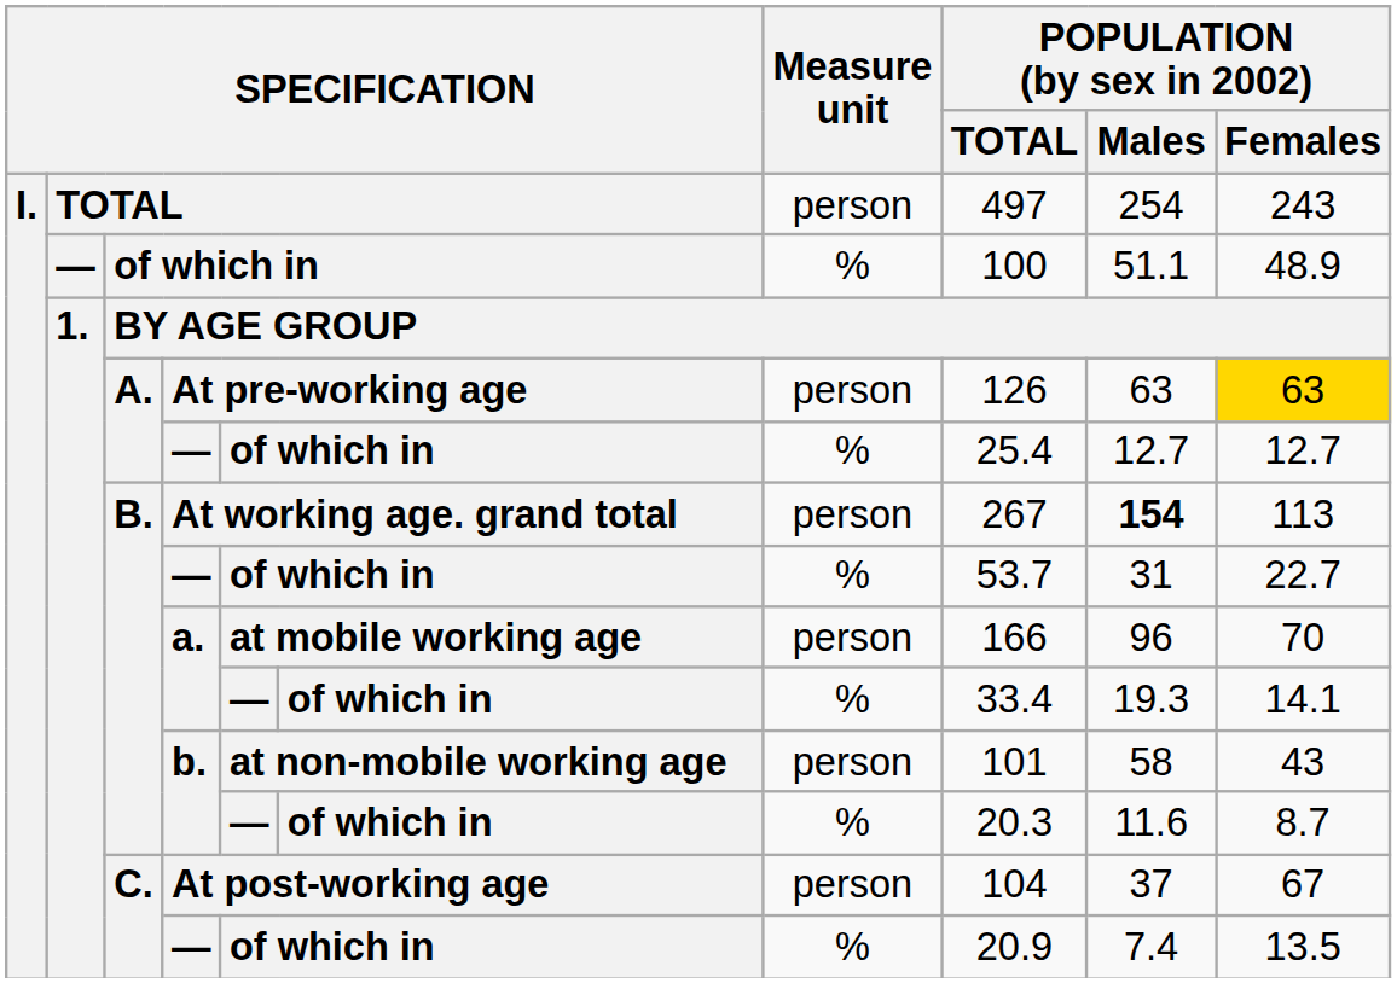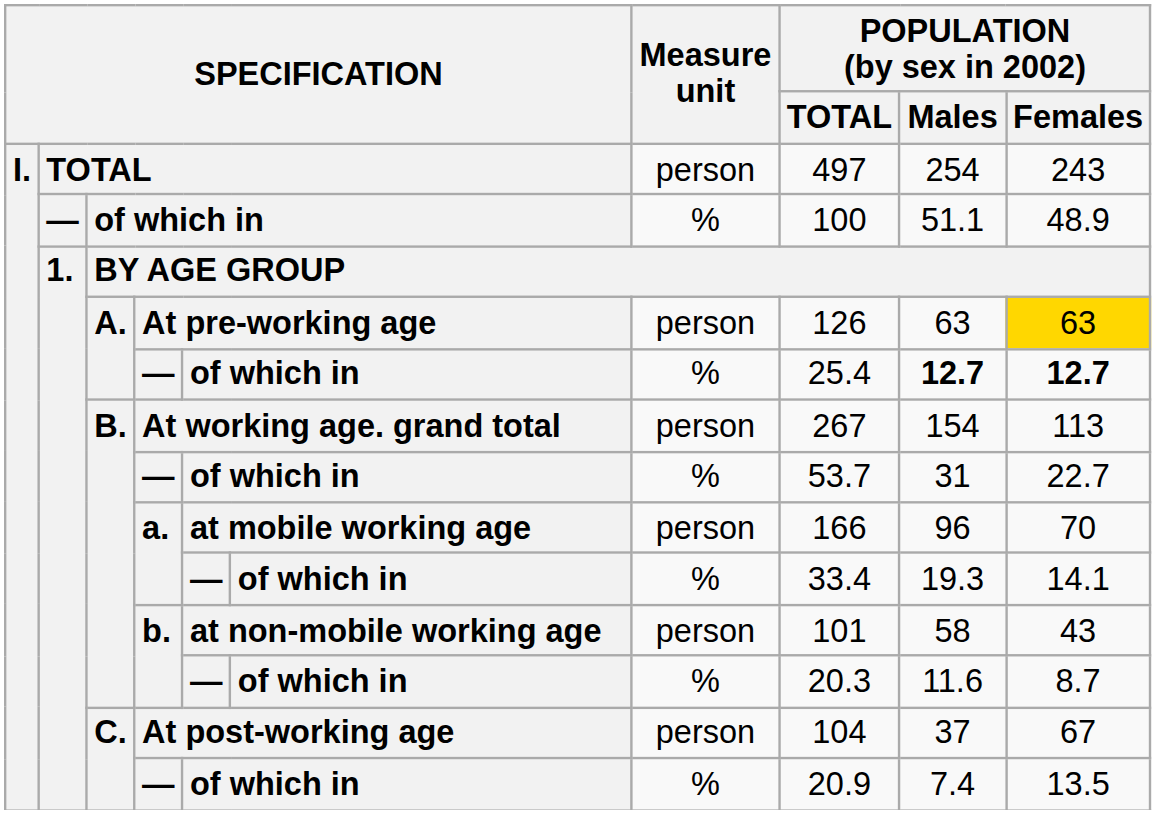 <table class="wikitable" style="font-size:85%; text-align:center">
 <tr>
 <th rowspan="2" colspan="6">SPECIFICATION</th>
 <th rowspan="2">Measure<br> unit</th>
 <th colspan="3" rowspan="1">POPULATION<br> (by sex in 2002)</th>
 </tr>
 <tr>
 <th>TOTAL</th>
 <th>Males</th>
 <th>Females</th>
 </tr>
 <tr>
 <th style="text-align:left" valign="top" rowspan="13">I.</th>
 <th style="text-align:left" colspan="5">TOTAL</th>
 <td>person</td>
 <td>497</td>
 <td>254</td>
 <td>243</td>
 </tr>
 <tr>
 <th style="text-align:left" valign="top">—</th>
 <th style="text-align:left" colspan="4">of which in</th>
 <td>%</td>
 <td>100</td>
 <td>51.1</td>
 <td>48.9</td>
 </tr>
 <tr>
 <th style="text-align:left" valign="top" rowspan="11">1.</th>
 <th style="text-align:left" colspan="19">BY AGE GROUP</th>
 </tr>
 <tr>
 <th style="text-align:left" valign="top" rowspan="2">A.</th>
 <th style="text-align:left" colspan="3">At pre-working age</th>
 <td>person</td>
 <td>126</td>
 <td>63</td>
 <td style="background: gold;">63</td>
 </tr>
 <tr>
 <th style="text-align:left" valign="top">—</th>
 <th style="text-align:left" valign="top" colspan="2">of which in</th>
 <td>%</td>
 <td>25.4</td>
-<td>12.7</td>
-<td>12.7</td>
+<td><strong>12.7</strong></td>
+<td><strong>12.7</strong></td>
 </tr>
 <tr>
 <th style="text-align:left" valign="top" rowspan="6">B.</th>
 <th style="text-align:left" colspan="3">At working age. grand total</th>
 <td>person</td>
 <td>267</td>
-<td><strong>154</strong></td>
+<td>154</td>
 <td>113</td>
 </tr>
 <tr>
 <th style="text-align:left" valign="top">—</th>
 <th style="text-align:left" valign="top" colspan="2">of which in</th>
 <td>%</td>
 <td>53.7</td>
 <td>31</td>
 <td>22.7</td>
 </tr>
 <tr>
 <th style="text-align:left" valign="top" rowspan="2">a.</th>
 <th style="text-align:left" colspan="2">at mobile working age</th>
 <td>person</td>
 <td>166</td>
 <td>96</td>
 <td>70</td>
 </tr>
 <tr>
 <th style="text-align:left" valign="top">—</th>
 <th style="text-align:left" valign="top" colspan="1">of which in                        </th>
 <td>%</td>
 <td>33.4</td>
 <td>19.3</td>
 <td>14.1</td>
 </tr>
 <tr>
 <th style="text-align:left" valign="top" rowspan="2">b.</th>
 <th style="text-align:left" colspan="2">at non-mobile working age</th>
 <td>person</td>
 <td>101</td>
 <td>58</td>
 <td>43</td>
 </tr>
 <tr>
 <th style="text-align:left" valign="top">—</th>
 <th style="text-align:left" valign="top" colspan="1">of which in                        </th>
 <td>%</td>
 <td>20.3</td>
 <td>11.6</td>
 <td>8.7</td>
 </tr>
 <tr>
 <th style="text-align:left" valign="top" rowspan="2">C.</th>
 <th style="text-align:left" colspan="3">At post-working age</th>
 <td>person</td>
 <td>104</td>
 <td>37</td>
 <td>67</td>
 </tr>
 <tr>
 <th style="text-align:left" valign="top">—</th>
 <th style="text-align:left" valign="top" colspan="2">of which in</th>
 <td>%</td>
 <td>20.9</td>
 <td>7.4</td>
 <td>13.5</td>
 </tr>
 </table>
